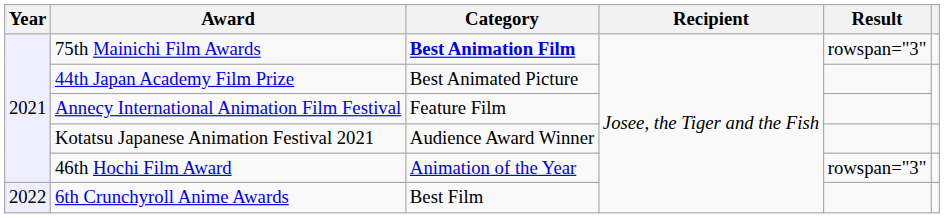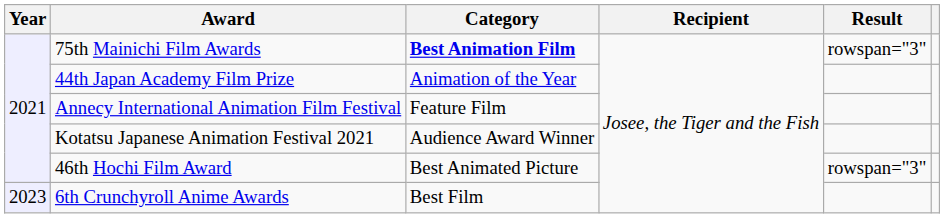 <table class="wikitable sortable">
 <tr>
 <th>Year</th>
 <th>Award</th>
 <th>Category</th>
 <th>Recipient</th>
 <th>Result</th>
 <th></th>
 </tr>
 <tr>
 <td rowspan="5" style="background:#EEEEFF">2021</td>
 <td>75th <a href='#'>Mainichi Film Awards</a></td>
 <td><strong><a href='#'>Best Animation Film</a></strong></td>
 <td rowspan="6"><em>Josee, the Tiger and the Fish</em></td>
 <td>rowspan="3" </td>
 <td align="center"></td>
 </tr>
 <tr>
 <td><a href='#'>44th Japan Academy Film Prize</a></td>
-<td>Best Animated Picture</td>
+<td><a href='#'>Animation of the Year</a></td>
 <td align="center"></td>
 </tr>
 <tr>
 <td><a href='#'>Annecy International Animation Film Festival</a></td>
 <td>Feature Film</td>
 <td align="center"></td>
 </tr>
 <tr>
 <td>Kotatsu Japanese Animation Festival 2021</td>
 <td>Audience Award Winner</td>
 <td></td>
 <td></td>
 </tr>
 <tr>
 <td>46th <a href='#'>Hochi Film Award</a></td>
-<td><a href='#'>Animation of the Year</a></td>
+<td>Best Animated Picture</td>
 <td>rowspan="3" </td>
 <td align="center"></td>
 </tr>
 <tr>
-<td style="background:#EEEEFF">2022</td>
+<td style="background:#EEEEFF">2023</td>
 <td><a href='#'>6th Crunchyroll Anime Awards</a></td>
 <td>Best Film</td>
 <td align="center"></td>
 </tr>
 </table>
